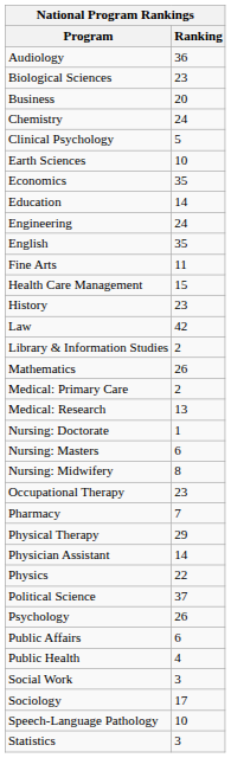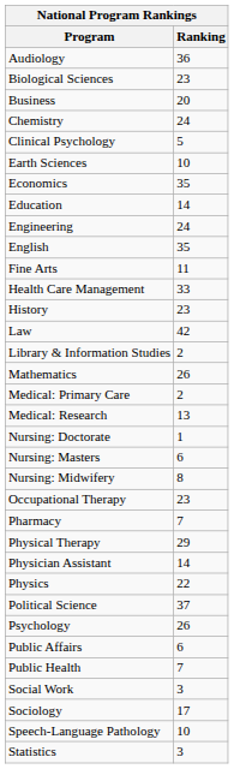 <table class="wikitable sortable collapsible collapsed floatright" "text-align:center">
 <tr>
 <th colspan=4>National Program Rankings</th>
 </tr>
 <tr>
 <th>Program</th>
 <th>Ranking</th>
 </tr>
 <tr>
 <td>Audiology</td>
 <td>36</td>
 </tr>
 <tr>
 <td>Biological Sciences</td>
 <td>23</td>
 </tr>
 <tr>
 <td>Business</td>
 <td>20</td>
 </tr>
 <tr>
 <td>Chemistry</td>
 <td>24</td>
 </tr>
 <tr>
 <td>Clinical Psychology</td>
 <td>5</td>
 </tr>
 <tr>
 <td>Earth Sciences</td>
 <td>10</td>
 </tr>
 <tr>
 <td>Economics</td>
 <td>35</td>
 </tr>
 <tr>
 <td>Education</td>
 <td>14</td>
 </tr>
 <tr>
 <td>Engineering</td>
 <td>24</td>
 </tr>
 <tr>
 <td>English</td>
 <td>35</td>
 </tr>
 <tr>
 <td>Fine Arts</td>
 <td>11</td>
 </tr>
 <tr>
 <td>Health Care Management</td>
-<td>15</td>
+<td>33</td>
 </tr>
 <tr>
 <td>History</td>
 <td>23</td>
 </tr>
 <tr>
 <td>Law</td>
 <td>42</td>
 </tr>
 <tr>
 <td>Library & Information Studies</td>
 <td>2</td>
 </tr>
 <tr>
 <td>Mathematics</td>
 <td>26</td>
 </tr>
 <tr>
 <td>Medical: Primary Care</td>
 <td>2</td>
 </tr>
 <tr>
 <td>Medical: Research</td>
 <td>13</td>
 </tr>
 <tr>
 <td>Nursing: Doctorate</td>
 <td>1</td>
 </tr>
 <tr>
 <td>Nursing: Masters</td>
 <td>6</td>
 </tr>
 <tr>
 <td>Nursing: Midwifery</td>
 <td>8</td>
 </tr>
 <tr>
 <td>Occupational Therapy</td>
 <td>23</td>
 </tr>
 <tr>
 <td>Pharmacy</td>
 <td>7</td>
 </tr>
 <tr>
 <td>Physical Therapy</td>
 <td>29</td>
 </tr>
 <tr>
 <td>Physician Assistant</td>
 <td>14</td>
 </tr>
 <tr>
 <td>Physics</td>
 <td>22</td>
 </tr>
 <tr>
 <td>Political Science</td>
 <td>37</td>
 </tr>
 <tr>
 <td>Psychology</td>
 <td>26</td>
 </tr>
 <tr>
 <td>Public Affairs</td>
 <td>6</td>
 </tr>
 <tr>
 <td>Public Health</td>
-<td>4</td>
+<td>7</td>
 </tr>
 <tr>
 <td>Social Work</td>
 <td>3</td>
 </tr>
 <tr>
 <td>Sociology</td>
 <td>17</td>
 </tr>
 <tr>
 <td>Speech-Language Pathology</td>
 <td>10</td>
 </tr>
 <tr>
 <td>Statistics</td>
 <td>3</td>
 </tr>
 </table>
